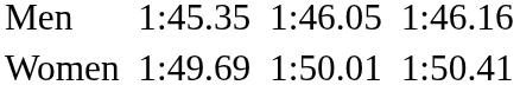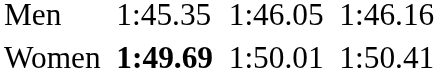 <table>
 <tr>
 <td>Men</td>
 <td></td>
 <td>1:45.35</td>
 <td></td>
 <td>1:46.05</td>
 <td></td>
 <td>1:46.16</td>
 </tr>
 <tr>
 <td>Women</td>
 <td></td>
-<td>1:49.69</td>
+<td><strong>1:49.69</strong></td>
 <td></td>
 <td>1:50.01</td>
 <td></td>
 <td>1:50.41</td>
 </tr>
 </table>
